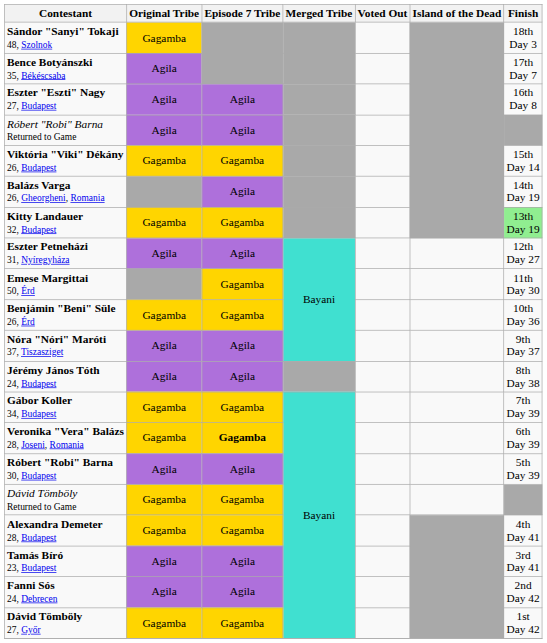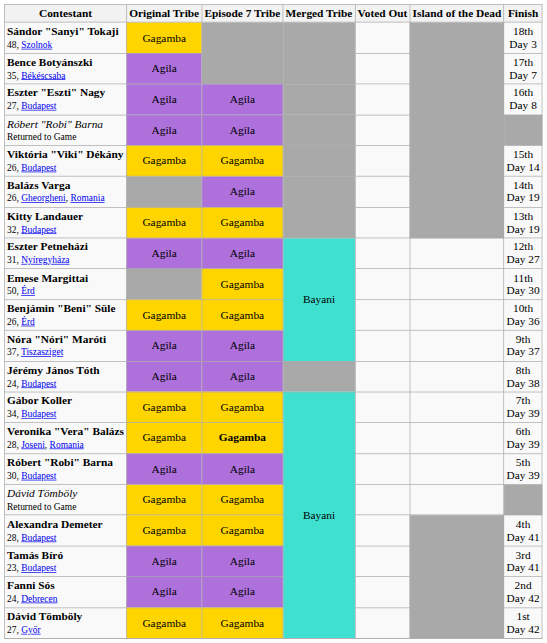 <table class="wikitable sortable" style="margin:auto; text-align:center">
 <tr>
 <th>Contestant</th>
 <th>Original Tribe</th>
 <th>Episode 7 Tribe</th>
 <th>Merged Tribe</th>
 <th>Voted Out</th>
 <th>Island of the Dead</th>
 <th>Finish</th>
 </tr>
 <tr>
 <td align="left"><strong>Sándor "Sanyi" Tokaji</strong><br><small>48, <a href='#'>Szolnok</a></small></td>
 <td bgcolor="#ffd500">Gagamba</td>
 <td bgcolor="darkgrey"></td>
 <td bgcolor="darkgrey"></td>
 <td></td>
 <td rowspan="7" bgcolor="darkgrey"></td>
 <td>18th<br>Day 3</td>
 </tr>
 <tr>
 <td align="left"><strong>Bence Botyánszki</strong><br><small>35, <a href='#'>Békéscsaba</a></small></td>
 <td bgcolor="#ae70db">Agila</td>
 <td bgcolor="darkgrey"></td>
 <td bgcolor="darkgrey"></td>
 <td></td>
 <td>17th<br>Day 7</td>
 </tr>
 <tr>
 <td align="left"><strong>Eszter "Eszti" Nagy</strong><br><small>27, <a href='#'>Budapest</a></small></td>
 <td bgcolor="#ae70db">Agila</td>
 <td bgcolor="#ae70db">Agila</td>
 <td bgcolor="darkgrey"></td>
 <td></td>
 <td>16th<br>Day 8</td>
 </tr>
 <tr>
 <td align="left"><em>Róbert "Robi" Barna</em><br><small>Returned to Game</small></td>
 <td bgcolor="#ae70db">Agila</td>
 <td bgcolor="#ae70db">Agila</td>
 <td bgcolor="darkgrey"></td>
 <td></td>
 <td bgcolor="darkgrey"></td>
 </tr>
 <tr>
 <td align="left"><strong>Viktória "Viki" Dékány</strong><br><small>26, <a href='#'>Budapest</a></small></td>
 <td bgcolor="#ffd500">Gagamba</td>
 <td bgcolor="#ffd500">Gagamba</td>
 <td bgcolor="darkgrey"></td>
 <td></td>
 <td>15th<br>Day 14</td>
 </tr>
 <tr>
 <td align="left"><strong>Balázs Varga</strong><br><small>26, <a href='#'>Gheorgheni</a>, <a href='#'>Romania</a></small></td>
 <td bgcolor="darkgrey"></td>
 <td bgcolor="#ae70db">Agila</td>
 <td bgcolor="darkgrey"></td>
 <td></td>
 <td>14th<br>Day 19</td>
 </tr>
 <tr>
 <td align="left"><strong>Kitty Landauer</strong><br><small>32, <a href='#'>Budapest</a></small></td>
 <td bgcolor="#ffd500">Gagamba</td>
 <td bgcolor="#ffd500">Gagamba</td>
 <td bgcolor="darkgrey"></td>
 <td></td>
-<td style="background: lightgreen;">13th<br>Day 19</td>
+<td>13th<br>Day 19</td>
 </tr>
 <tr>
 <td align="left"><strong>Eszter Petneházi</strong><br><small>31, <a href='#'>Nyíregyháza</a></small></td>
 <td bgcolor="#ae70db">Agila</td>
 <td bgcolor="#ae70db">Agila</td>
 <td rowspan="4" bgcolor="turquoise">Bayani</td>
 <td></td>
 <td></td>
 <td>12th<br>Day 27</td>
 </tr>
 <tr>
 <td align="left"><strong>Emese Margittai</strong><br><small>50, <a href='#'>Érd</a></small></td>
 <td bgcolor="darkgrey"></td>
 <td bgcolor="#ffd500">Gagamba</td>
 <td></td>
 <td></td>
 <td>11th<br>Day 30</td>
 </tr>
 <tr>
 <td align="left"><strong>Benjámin "Beni" Süle</strong><br><small>26, <a href='#'>Érd</a></small></td>
 <td bgcolor="#ffd500">Gagamba</td>
 <td bgcolor="#ffd500">Gagamba</td>
 <td></td>
 <td></td>
 <td>10th<br>Day 36</td>
 </tr>
 <tr>
 <td align="left"><strong>Nóra "Nóri" Maróti</strong><br><small>37, <a href='#'>Tiszasziget</a></small></td>
 <td bgcolor="#ae70db">Agila</td>
 <td bgcolor="#ae70db">Agila</td>
 <td></td>
 <td></td>
 <td>9th<br>Day 37</td>
 </tr>
 <tr>
 <td align="left"><strong>Jérémy János Tóth</strong><br><small>24, <a href='#'>Budapest</a></small></td>
 <td bgcolor="#ae70db">Agila</td>
 <td bgcolor="#ae70db">Agila</td>
 <td bgcolor="darkgrey"></td>
 <td></td>
 <td></td>
 <td>8th<br>Day 38</td>
 </tr>
 <tr>
 <td align="left"><strong>Gábor Koller</strong><br><small>34, <a href='#'>Budapest</a></small></td>
 <td bgcolor="#ffd500">Gagamba</td>
 <td bgcolor="#ffd500">Gagamba</td>
 <td rowspan="8" bgcolor="turquoise">Bayani</td>
 <td></td>
 <td></td>
 <td>7th<br>Day 39</td>
 </tr>
 <tr>
 <td align="left"><strong>Veronika "Vera" Balázs</strong><br><small>28, <a href='#'>Joseni</a>, <a href='#'>Romania</a></small></td>
 <td bgcolor="#ffd500">Gagamba</td>
 <td bgcolor="#ffd500"><strong>Gagamba</strong></td>
 <td></td>
 <td></td>
 <td>6th<br>Day 39</td>
 </tr>
 <tr>
 <td align="left"><strong>Róbert "Robi" Barna</strong><br><small>30, <a href='#'>Budapest</a></small></td>
 <td bgcolor="#ae70db">Agila</td>
 <td bgcolor="#ae70db">Agila</td>
 <td></td>
 <td></td>
 <td>5th<br>Day 39</td>
 </tr>
 <tr>
 <td align="left"><em>Dávid Tömböly</em><br><small>Returned to Game</small></td>
 <td bgcolor="#ffd500">Gagamba</td>
 <td bgcolor="#ffd500">Gagamba</td>
 <td></td>
 <td></td>
 <td bgcolor="darkgrey"></td>
 </tr>
 <tr>
 <td align="left"><strong>Alexandra Demeter</strong><br><small>28, <a href='#'>Budapest</a></small></td>
 <td bgcolor="#ffd500">Gagamba</td>
 <td bgcolor="#ffd500">Gagamba</td>
 <td></td>
 <td rowspan="4" bgcolor="darkgrey"></td>
 <td>4th<br>Day 41</td>
 </tr>
 <tr>
 <td align="left"><strong>Tamás Bíró</strong><br><small>23, <a href='#'>Budapest</a></small></td>
 <td bgcolor="#ae70db">Agila</td>
 <td bgcolor="#ae70db">Agila</td>
 <td></td>
 <td>3rd<br>Day 41</td>
 </tr>
 <tr>
 <td align="left"><strong>Fanni Sós</strong><br><small>24, <a href='#'>Debrecen</a></small></td>
 <td bgcolor="#ae70db">Agila</td>
 <td bgcolor="#ae70db">Agila</td>
 <td></td>
 <td>2nd<br>Day 42</td>
 </tr>
 <tr>
 <td align="left"><strong>Dávid Tömböly</strong><br><small>27, <a href='#'>Győr</a></small></td>
 <td bgcolor="#ffd500">Gagamba</td>
 <td bgcolor="#ffd500">Gagamba</td>
 <td></td>
 <td>1st<br>Day 42</td>
 </tr>
 <tr>
 </tr>
 </table>
